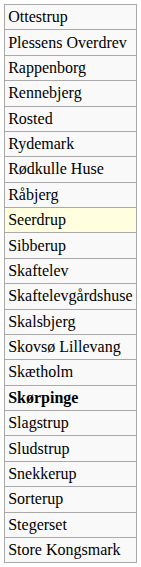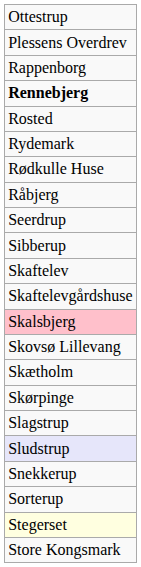 <table class="wikitable" style="float:left; margin-right:1em">
 <tr>
 <td>Ottestrup</td>
 </tr>
 <tr>
 <td>Plessens Overdrev</td>
 </tr>
 <tr>
 <td>Rappenborg</td>
 </tr>
 <tr>
-<td>Rennebjerg</td>
+<td><strong>Rennebjerg</strong></td>
 </tr>
 <tr>
 <td>Rosted</td>
 </tr>
 <tr>
 <td>Rydemark</td>
 </tr>
 <tr>
 <td>Rødkulle Huse</td>
 </tr>
 <tr>
 <td>Råbjerg</td>
 </tr>
 <tr>
-<td style="background: lightyellow;">Seerdrup</td>
+<td>Seerdrup</td>
 </tr>
 <tr>
 <td>Sibberup</td>
 </tr>
 <tr>
 <td>Skaftelev</td>
 </tr>
 <tr>
 <td>Skaftelevgårdshuse</td>
 </tr>
 <tr>
-<td>Skalsbjerg</td>
+<td style="background: pink;">Skalsbjerg</td>
 </tr>
 <tr>
 <td>Skovsø Lillevang</td>
 </tr>
 <tr>
 <td>Skætholm</td>
 </tr>
 <tr>
-<td><strong>Skørpinge</strong></td>
+<td>Skørpinge</td>
 </tr>
 <tr>
 <td>Slagstrup</td>
 </tr>
 <tr>
-<td>Sludstrup</td>
+<td style="background: lavender;">Sludstrup</td>
 </tr>
 <tr>
 <td>Snekkerup</td>
 </tr>
 <tr>
 <td>Sorterup</td>
 </tr>
 <tr>
-<td>Stegerset</td>
+<td style="background: lightyellow;">Stegerset</td>
 </tr>
 <tr>
 <td>Store Kongsmark</td>
 </tr>
 </table>
